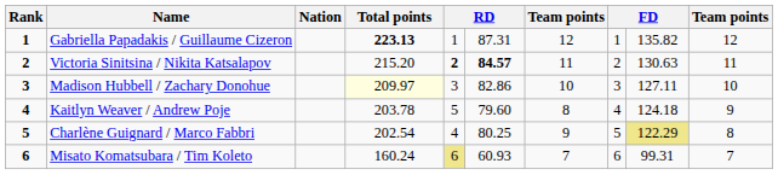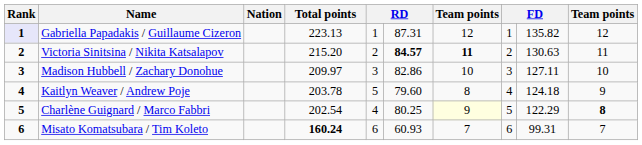 <table class="wikitable sortable">
 <tr>
 <th>Rank</th>
 <th>Name</th>
 <th>Nation</th>
 <th width="100">Total points</th>
 <th width="80" colspan="2"><a href='#'>RD</a></th>
 <th>Team points</th>
 <th width="80" colspan="2"><a href='#'>FD</a></th>
 <th>Team points</th>
 </tr>
 <tr>
-<td style="text-align: center;"><strong>1</strong></td>
+<td style="background: lavender; text-align: center;"><strong>1</strong></td>
 <td><a href='#'>Gabriella Papadakis</a> / <a href='#'>Guillaume Cizeron</a></td>
 <td></td>
-<td style="text-align: center;"><strong>223.13</strong></td>
+<td style="text-align: center;">223.13</td>
 <td style="text-align: center;">1</td>
 <td style="text-align: center;">87.31</td>
 <td style="text-align: center;">12</td>
 <td style="text-align: center;">1</td>
 <td style="text-align: center;">135.82</td>
 <td style="text-align: center;">12</td>
 </tr>
 <tr>
 <td style="text-align: center;"><strong>2</strong></td>
 <td><a href='#'>Victoria Sinitsina</a> / <a href='#'>Nikita Katsalapov</a></td>
 <td></td>
 <td style="text-align: center;">215.20</td>
-<td style="text-align: center;"><strong>2</strong></td>
+<td style="text-align: center;">2</td>
 <td style="text-align: center;"><strong>84.57</strong></td>
-<td style="text-align: center;">11</td>
+<td style="text-align: center;"><strong>11</strong></td>
 <td style="text-align: center;">2</td>
 <td style="text-align: center;">130.63</td>
 <td style="text-align: center;">11</td>
 </tr>
 <tr>
 <td style="text-align: center;"><strong>3</strong></td>
 <td><a href='#'>Madison Hubbell</a> / <a href='#'>Zachary Donohue</a></td>
 <td></td>
-<td style="background: lightyellow; text-align: center;">209.97</td>
+<td style="text-align: center;">209.97</td>
 <td style="text-align: center;">3</td>
 <td style="text-align: center;">82.86</td>
 <td style="text-align: center;">10</td>
 <td style="text-align: center;">3</td>
 <td style="text-align: center;">127.11</td>
 <td style="text-align: center;">10</td>
 </tr>
 <tr>
 <td style="text-align: center;"><strong>4</strong></td>
 <td><a href='#'>Kaitlyn Weaver</a> / <a href='#'>Andrew Poje</a></td>
 <td></td>
 <td style="text-align: center;">203.78</td>
 <td style="text-align: center;">5</td>
 <td style="text-align: center;">79.60</td>
 <td style="text-align: center;">8</td>
 <td style="text-align: center;">4</td>
 <td style="text-align: center;">124.18</td>
 <td style="text-align: center;">9</td>
 </tr>
 <tr>
 <td style="text-align: center;"><strong>5</strong></td>
 <td><a href='#'>Charlène Guignard</a> / <a href='#'>Marco Fabbri</a></td>
 <td></td>
 <td style="text-align: center;">202.54</td>
 <td style="text-align: center;">4</td>
 <td style="text-align: center;">80.25</td>
-<td style="text-align: center;">9</td>
+<td style="background: lightyellow; text-align: center;">9</td>
 <td style="text-align: center;">5</td>
-<td style="background: khaki; text-align: center;">122.29</td>
-<td style="text-align: center;">8</td>
+<td style="text-align: center;">122.29</td>
+<td style="text-align: center;"><strong>8</strong></td>
 </tr>
 <tr>
 <td style="text-align: center;"><strong>6</strong></td>
 <td><a href='#'>Misato Komatsubara</a> / <a href='#'>Tim Koleto</a></td>
 <td></td>
-<td style="text-align: center;">160.24</td>
-<td style="background: khaki; text-align: center;">6</td>
+<td style="text-align: center;"><strong>160.24</strong></td>
+<td style="text-align: center;">6</td>
 <td style="text-align: center;">60.93</td>
 <td style="text-align: center;">7</td>
 <td style="text-align: center;">6</td>
 <td style="text-align: center;">99.31</td>
 <td style="text-align: center;">7</td>
 </tr>
 </table>
